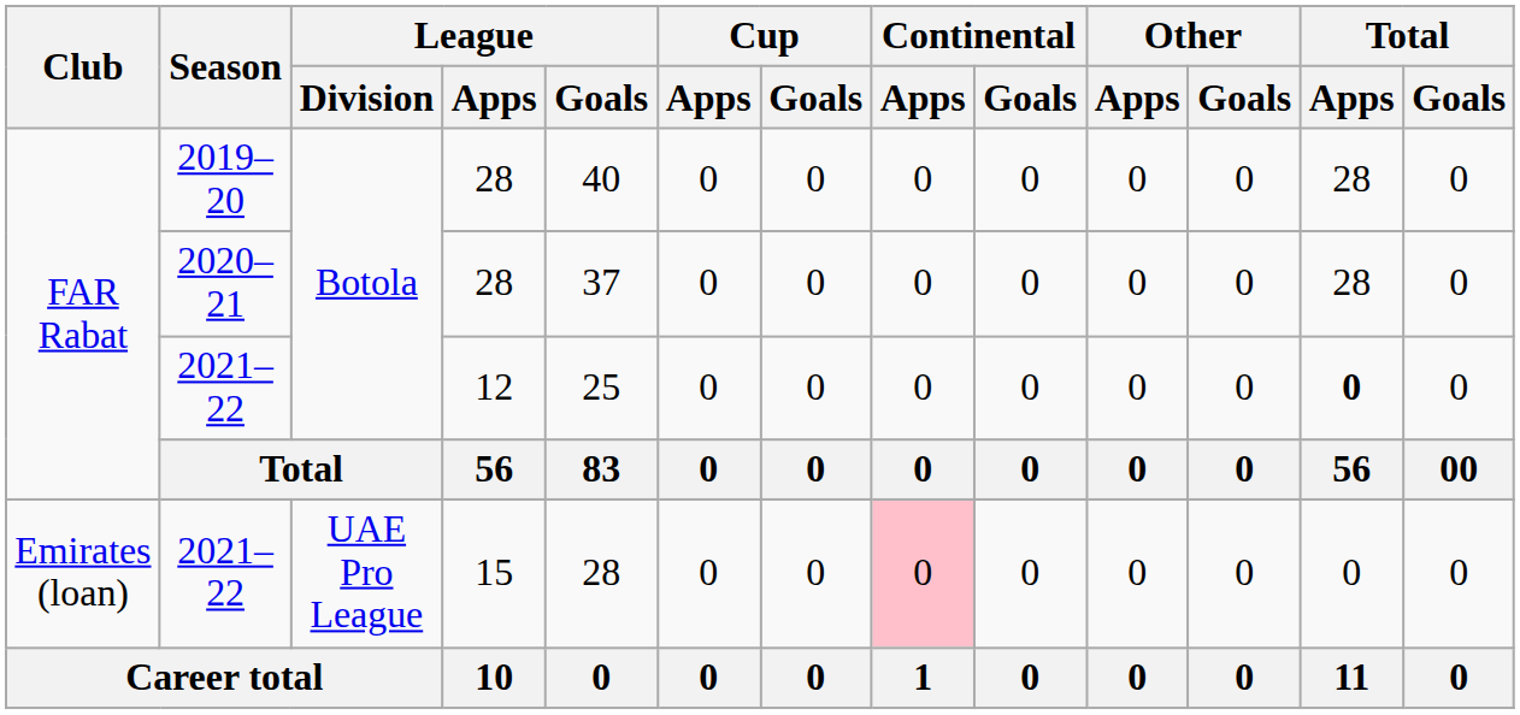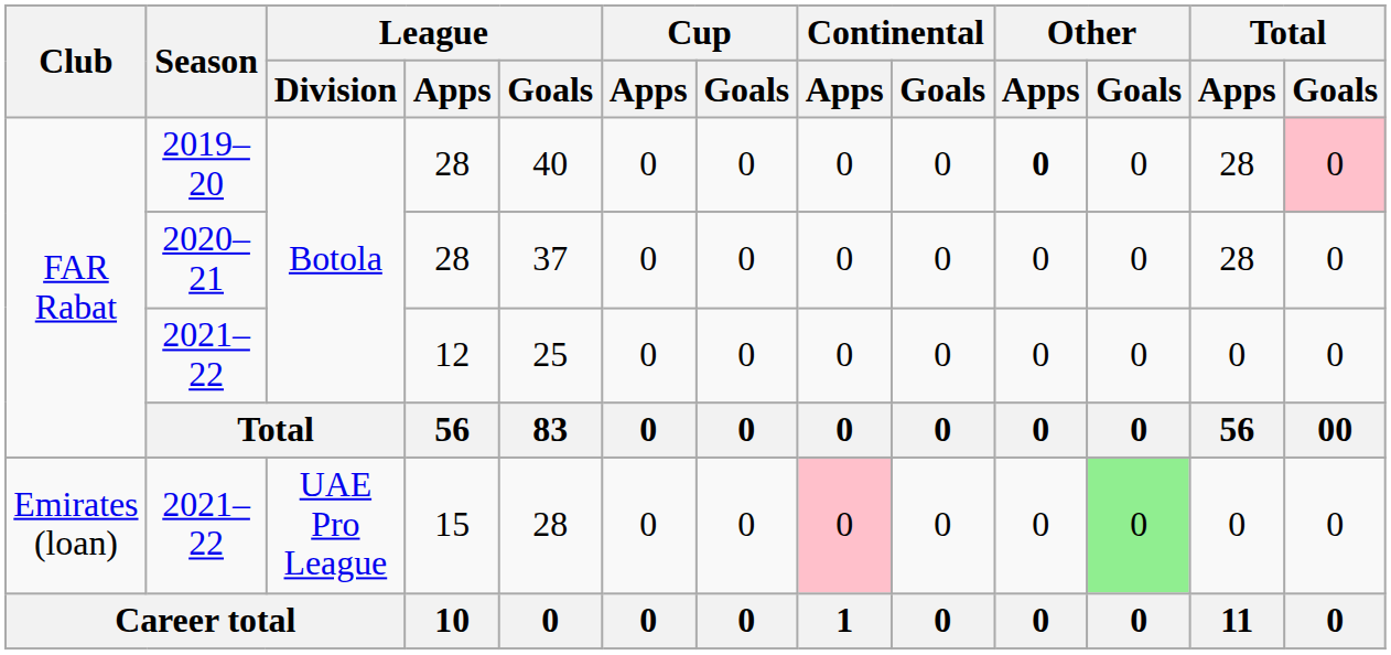 <table class="wikitable" style="text-align: center">
 <tr>
 <th rowspan="2">Club</th>
 <th rowspan="2">Season</th>
 <th colspan="3">League</th>
 <th colspan="2">Cup</th>
 <th colspan="2">Continental</th>
 <th colspan="2">Other</th>
 <th colspan="2">Total</th>
 </tr>
 <tr>
 <th>Division</th>
 <th>Apps</th>
 <th>Goals</th>
 <th>Apps</th>
 <th>Goals</th>
 <th>Apps</th>
 <th>Goals</th>
 <th>Apps</th>
 <th>Goals</th>
 <th>Apps</th>
 <th>Goals</th>
 </tr>
 <tr>
 <td rowspan="4"><a href='#'>FAR Rabat</a></td>
 <td><a href='#'>2019–20</a></td>
 <td rowspan="3"><a href='#'>Botola</a></td>
 <td>28</td>
 <td>40</td>
 <td>0</td>
 <td>0</td>
 <td>0</td>
 <td>0</td>
-<td>0</td>
+<td><strong>0</strong></td>
 <td>0</td>
 <td>28</td>
-<td>0</td>
+<td style="background: pink;">0</td>
 </tr>
 <tr>
 <td><a href='#'>2020–21</a></td>
 <td>28</td>
 <td>37</td>
 <td>0</td>
 <td>0</td>
 <td>0</td>
 <td>0</td>
 <td>0</td>
 <td>0</td>
 <td>28</td>
 <td>0</td>
 </tr>
 <tr>
 <td><a href='#'>2021–22</a></td>
 <td>12</td>
 <td>25</td>
 <td>0</td>
 <td>0</td>
 <td>0</td>
 <td>0</td>
 <td>0</td>
 <td>0</td>
-<td><strong>0</strong></td>
+<td>0</td>
 <td>0</td>
 </tr>
 <tr>
 <th colspan="2"><strong>Total</strong></th>
 <th>56</th>
 <th>83</th>
 <th>0</th>
 <th>0</th>
 <th>0</th>
 <th>0</th>
 <th>0</th>
 <th>0</th>
 <th>56</th>
 <th>00</th>
 </tr>
 <tr>
 <td><a href='#'>Emirates</a> (loan)</td>
 <td><a href='#'>2021–22</a></td>
 <td><a href='#'>UAE Pro League</a></td>
 <td>15</td>
 <td>28</td>
 <td>0</td>
 <td>0</td>
 <td style="background: pink;">0</td>
 <td>0</td>
 <td>0</td>
-<td>0</td>
+<td style="background: lightgreen;">0</td>
 <td>0</td>
 <td>0</td>
 </tr>
 <tr>
 <th colspan="3"><strong>Career total</strong></th>
 <th>10</th>
 <th>0</th>
 <th>0</th>
 <th>0</th>
 <th>1</th>
 <th>0</th>
 <th>0</th>
 <th>0</th>
 <th>11</th>
 <th>0</th>
 </tr>
 </table>
